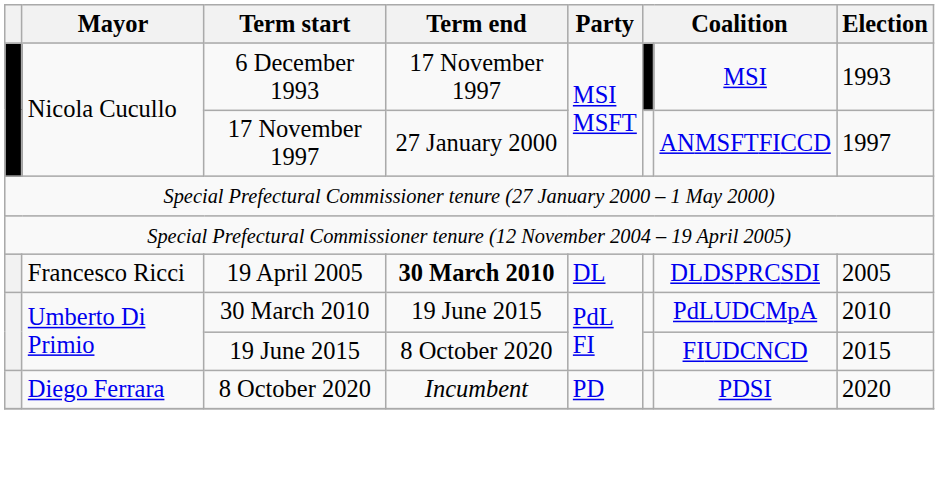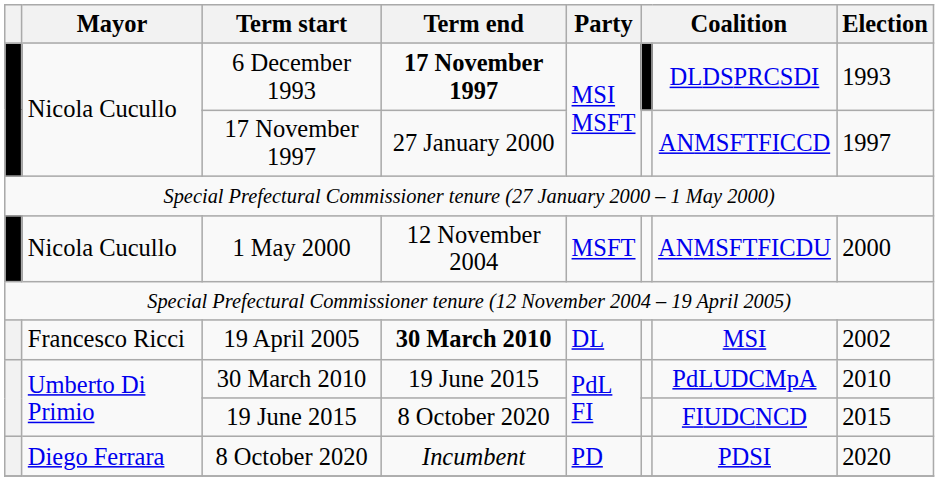 <table class="wikitable">
 <tr>
 <th class=unsortable> </th>
 <th>Mayor</th>
 <th>Term start</th>
 <th>Term end</th>
 <th>Party</th>
 <th colspan="2">Coalition</th>
 <th>Election</th>
 </tr>
 <tr>
 <th rowspan=2 style="background:#000000;"></th>
 <td rowspan=2>Nicola Cucullo</td>
 <td align=center>6 December 1993</td>
-<td align=center>17 November 1997</td>
+<td align=center><strong>17 November 1997</strong></td>
 <td rowspan=2><a href='#'>MSI</a><br><a href='#'>MSFT</a></td>
 <td style="background:#000000;"></td>
-<td align=center><a href='#'>MSI</a></td>
+<td align=center><a href='#'>DL</a><a href='#'>DS</a><a href='#'>PRC</a><a href='#'>SDI</a></td>
 <td>1993</td>
 </tr>
 <tr>
 <td align=center>17 November 1997</td>
 <td align=center>27 January 2000</td>
 <td style="background:"></td>
 <td align=center><a href='#'>AN</a><a href='#'>MSFT</a><a href='#'>FI</a><a href='#'>CCD</a></td>
 <td>1997</td>
 </tr>
 <tr>
 <td colspan=8 align=center><small><em>Special Prefectural Commissioner tenure (27 January 2000 – 1 May 2000)</em></small></td>
 </tr>
 <tr>
+<td style="background:#000000;"><small><strong></strong></small></td>
+<td>Nicola Cucullo</td>
+<td align=center>1 May 2000</td>
+<td align=center>12 November 2004</td>
+<td><a href='#'>MSFT</a></td>
+<td style="background:"></td>
+<td align=center><a href='#'>AN</a><a href='#'>MSFT</a><a href='#'>FI</a><a href='#'>CDU</a></td>
+<td>2000</td>
+</tr>
+<tr>
 <td colspan=8 align=center><small><em>Special Prefectural Commissioner tenure (12 November 2004 – 19 April 2005)</em></small></td>
 </tr>
 <tr>
 <th style="background:"></th>
 <td>Francesco Ricci</td>
 <td align=center>19 April 2005</td>
 <td align=center><strong>30 March 2010</strong></td>
 <td><a href='#'>DL</a></td>
 <td style="background:"></td>
-<td align=center><a href='#'>DL</a><a href='#'>DS</a><a href='#'>PRC</a><a href='#'>SDI</a></td>
-<td>2005</td>
+<td align=center><a href='#'>MSI</a></td>
+<td>2002</td>
 </tr>
 <tr>
 <th rowspan=2 style="background:"></th>
 <td rowspan=2><a href='#'>Umberto Di Primio</a></td>
 <td align=center>30 March 2010</td>
 <td align=center>19 June 2015</td>
 <td rowspan=2><a href='#'>PdL</a><br><a href='#'>FI</a></td>
 <td style="background:"></td>
 <td align=center><a href='#'>PdL</a><a href='#'>UDC</a><a href='#'>MpA</a></td>
 <td>2010</td>
 </tr>
 <tr>
 <td align=center>19 June 2015</td>
 <td align=center>8 October 2020</td>
 <td style="background:"></td>
 <td align=center><a href='#'>FI</a><a href='#'>UDC</a><a href='#'>NCD</a></td>
 <td>2015</td>
 </tr>
 <tr>
 <th style="background:"></th>
 <td><a href='#'>Diego Ferrara</a></td>
 <td align=center>8 October 2020</td>
 <td align=center><em>Incumbent</em></td>
 <td><a href='#'>PD</a></td>
 <td style="background:"></td>
 <td align=center><a href='#'>PD</a><a href='#'>SI</a></td>
 <td>2020</td>
 </tr>
 <tr>
 </tr>
 </table>
